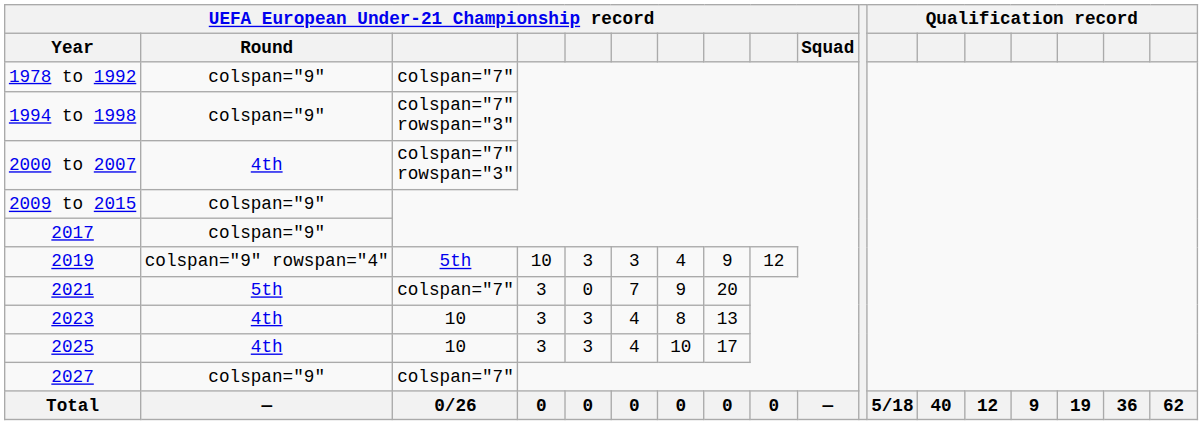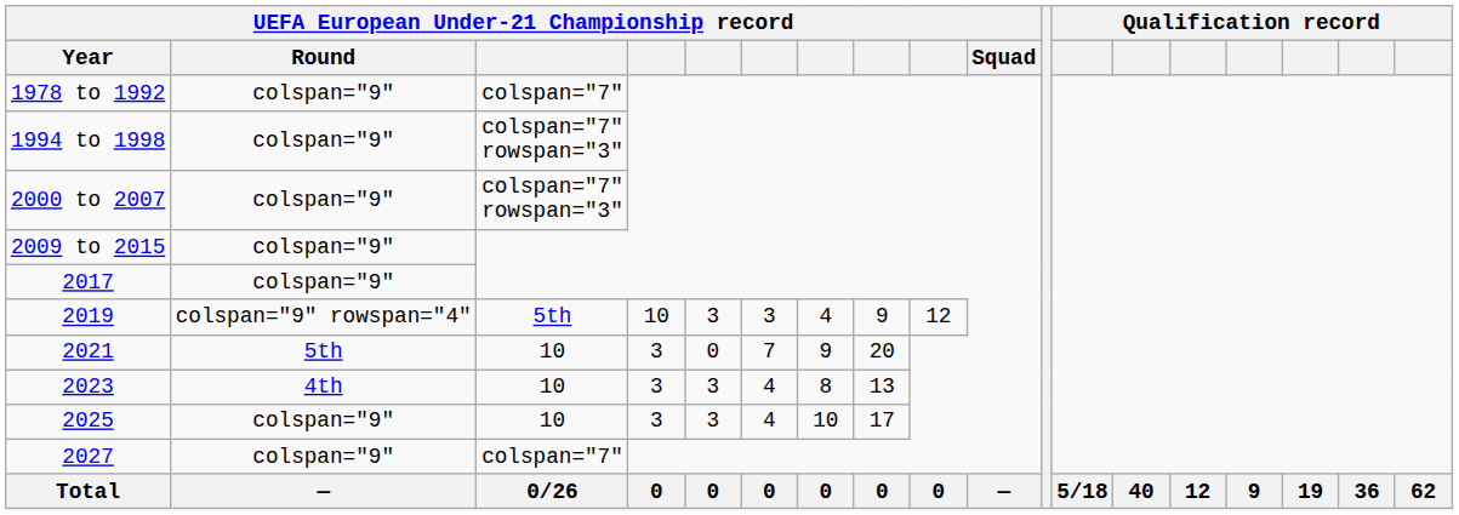 <table class="wikitable" style="text-align: center;">
 <tr>
 <th colspan="10"><a href='#'>UEFA European Under-21 Championship</a> record</th>
 <th rowspan="13"></th>
 <th colspan="8">Qualification record</th>
 </tr>
 <tr>
 <th>Year</th>
 <th>Round</th>
 <th width=28></th>
 <th width=28></th>
 <th width=28></th>
 <th width=28></th>
 <th width=28></th>
 <th width=28></th>
 <th width=28></th>
 <th width=28>Squad</th>
 <th width=28></th>
 <th width=28></th>
 <th width=28></th>
 <th width=28></th>
 <th width=28></th>
 <th width=28></th>
 <th width=28></th>
 </tr>
 <tr>
 <td><a href='#'>1978</a> to <a href='#'>1992</a></td>
 <td>colspan="9" </td>
 <td>colspan="7" </td>
 </tr>
 <tr>
 <td> <a href='#'>1994</a> to  <a href='#'>1998</a></td>
 <td>colspan="9" </td>
 <td>colspan="7" rowspan="3" </td>
 </tr>
 <tr>
 <td> <a href='#'>2000</a> to  <a href='#'>2007</a></td>
-<td><a href='#'>4th</a></td>
+<td>colspan="9" </td>
 <td>colspan="7" rowspan="3" </td>
 </tr>
 <tr>
 <td> <a href='#'>2009</a> to  <a href='#'>2015</a></td>
 <td>colspan="9" </td>
 </tr>
 <tr>
 <td> <a href='#'>2017</a></td>
 <td>colspan="9" </td>
 </tr>
 <tr>
 <td> <a href='#'>2019</a></td>
 <td>colspan="9" rowspan="4" </td>
 <td><a href='#'>5th</a></td>
 <td>10</td>
 <td>3</td>
 <td>3</td>
 <td>4</td>
 <td>9</td>
 <td>12</td>
 </tr>
 <tr>
 <td> <a href='#'>2021</a></td>
 <td><a href='#'>5th</a></td>
-<td>colspan="7" </td>
+<td>10</td>
 <td>3</td>
 <td>0</td>
 <td>7</td>
 <td>9</td>
 <td>20</td>
 </tr>
 <tr>
 <td> <a href='#'>2023</a></td>
 <td><a href='#'>4th</a></td>
 <td>10</td>
 <td>3</td>
 <td>3</td>
 <td>4</td>
 <td>8</td>
 <td>13</td>
 </tr>
 <tr>
 <td> <a href='#'>2025</a></td>
-<td><a href='#'>4th</a></td>
+<td>colspan="9" </td>
 <td>10</td>
 <td>3</td>
 <td>3</td>
 <td>4</td>
 <td>10</td>
 <td>17</td>
 </tr>
 <tr>
 <td> <a href='#'>2027</a></td>
 <td>colspan="9" </td>
 <td>colspan="7" </td>
 </tr>
 <tr>
 <th>Total</th>
 <th>—</th>
 <th>0/26</th>
 <th>0</th>
 <th>0</th>
 <th>0</th>
 <th>0</th>
 <th>0</th>
 <th>0</th>
 <th>—</th>
 <th>5/18</th>
 <th>40</th>
 <th>12</th>
 <th>9</th>
 <th>19</th>
 <th>36</th>
 <th>62</th>
 </tr>
 </table>
